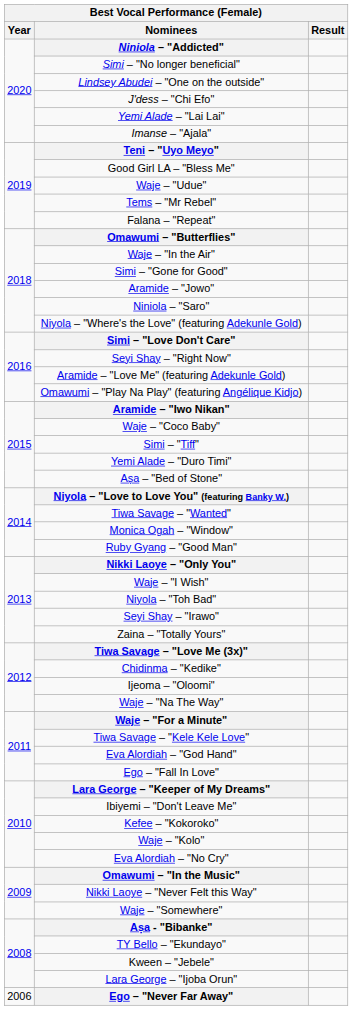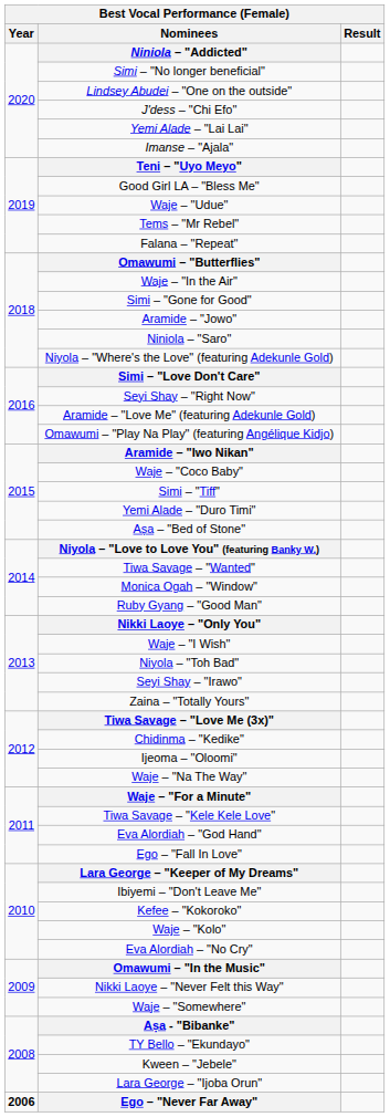 <table class="wikitable"  style="text-align:center; width:40%;">
 <tr>
 <th colspan="4">Best Vocal Performance (Female)</th>
 </tr>
 <tr>
 <th>Year</th>
 <th>Nominees</th>
 <th>Result</th>
 </tr>
 <tr>
 <td rowspan="6"><a href='#'>2020</a></td>
 <th><strong><em><a href='#'>Niniola</a></em></strong> <strong>– "Addicted"</strong></th>
 <td></td>
 </tr>
 <tr>
 <td><em><a href='#'>Simi</a></em> – "No longer beneficial"</td>
 <td></td>
 </tr>
 <tr>
 <td><em><a href='#'>Lindsey Abudei</a></em> – "One on the outside"</td>
 <td></td>
 </tr>
 <tr>
 <td><em>J'dess</em> – "Chi Efo"</td>
 <td></td>
 </tr>
 <tr>
 <td><em><a href='#'>Yemi Alade</a></em> – "Lai Lai"</td>
 <td></td>
 </tr>
 <tr>
 <td><em>Imanse</em> – "Ajala"</td>
 <td></td>
 </tr>
 <tr>
 <td rowspan="5"><a href='#'>2019</a></td>
 <th><a href='#'>Teni</a> – "<a href='#'>Uyo Meyo</a>"</th>
 <td></td>
 </tr>
 <tr>
 <td>Good Girl LA  – "Bless Me"</td>
 <td></td>
 </tr>
 <tr>
 <td><a href='#'>Waje</a> – "Udue"</td>
 <td></td>
 </tr>
 <tr>
 <td><a href='#'>Tems</a> – "Mr Rebel"</td>
 <td></td>
 </tr>
 <tr>
 <td>Falana – "Repeat"</td>
 <td></td>
 </tr>
 <tr>
 <td rowspan="6"><a href='#'>2018</a></td>
 <th><a href='#'>Omawumi</a> – "Butterflies"</th>
 <td></td>
 </tr>
 <tr>
 <td><a href='#'>Waje</a> – "In the Air"</td>
 <td></td>
 </tr>
 <tr>
 <td><a href='#'>Simi</a> – "Gone for Good"</td>
 <td></td>
 </tr>
 <tr>
 <td><a href='#'>Aramide</a> – "Jowo"</td>
 <td></td>
 </tr>
 <tr>
 <td><a href='#'>Niniola</a> – "Saro"</td>
 <td></td>
 </tr>
 <tr>
 <td><a href='#'>Niyola</a> – "Where's the Love" <span>(featuring <a href='#'>Adekunle Gold</a>)</span></td>
 <td></td>
 </tr>
 <tr>
 <td rowspan="4"><a href='#'>2016</a></td>
 <th><a href='#'>Simi</a> – "Love Don't Care"</th>
 <td></td>
 </tr>
 <tr>
 <td><a href='#'>Seyi Shay</a> – "Right Now"</td>
 <td></td>
 </tr>
 <tr>
 <td><a href='#'>Aramide</a> – "Love Me" <span>(featuring <a href='#'>Adekunle Gold</a>)</span></td>
 <td></td>
 </tr>
 <tr>
 <td><a href='#'>Omawumi</a> – "Play Na Play" <span>(featuring <a href='#'>Angélique Kidjo</a>)</span></td>
 <td></td>
 </tr>
 <tr>
 <td rowspan="5"><a href='#'>2015</a></td>
 <th><a href='#'>Aramide</a> – "Iwo Nikan"</th>
 <td></td>
 </tr>
 <tr>
 <td><a href='#'>Waje</a> – "Coco Baby"</td>
 <td></td>
 </tr>
 <tr>
 <td><a href='#'>Simi</a> – "<a href='#'>Tiff</a>"</td>
 <td></td>
 </tr>
 <tr>
 <td><a href='#'>Yemi Alade</a> – "Duro Timi"</td>
 <td></td>
 </tr>
 <tr>
 <td><a href='#'>Aṣa</a> – "Bed of Stone"</td>
 <td></td>
 </tr>
 <tr>
 <td rowspan="4"><a href='#'>2014</a></td>
 <th><a href='#'>Niyola</a> – "Love to Love You" <small>(featuring <a href='#'>Banky W.</a>)</small></th>
 <td></td>
 </tr>
 <tr>
 <td><a href='#'>Tiwa Savage</a> – "<a href='#'>Wanted</a>"</td>
 <td></td>
 </tr>
 <tr>
 <td><a href='#'>Monica Ogah</a> – "Window"</td>
 <td></td>
 </tr>
 <tr>
 <td><a href='#'>Ruby Gyang</a> – "Good Man"</td>
 <td></td>
 </tr>
 <tr>
 <td rowspan="5"><a href='#'>2013</a></td>
 <th><a href='#'>Nikki Laoye</a> – "Only You"</th>
 <td></td>
 </tr>
 <tr>
 <td><a href='#'>Waje</a> – "I Wish"</td>
 <td></td>
 </tr>
 <tr>
 <td><a href='#'>Niyola</a> – "Toh Bad"</td>
 <td></td>
 </tr>
 <tr>
 <td><a href='#'>Seyi Shay</a> – "Irawo"</td>
 <td></td>
 </tr>
 <tr>
 <td>Zaina – "Totally Yours"</td>
 <td></td>
 </tr>
 <tr>
 <td rowspan="4"><a href='#'>2012</a></td>
 <th><a href='#'>Tiwa Savage</a> – "Love Me (3x)"</th>
 <td></td>
 </tr>
 <tr>
 <td><a href='#'>Chidinma</a> – "Kedike"</td>
 <td></td>
 </tr>
 <tr>
 <td>Ijeoma – "Oloomi"</td>
 <td></td>
 </tr>
 <tr>
 <td><a href='#'>Waje</a> – "Na The Way"</td>
 <td></td>
 </tr>
 <tr>
 <td rowspan="4"><a href='#'>2011</a></td>
 <th><a href='#'>Waje</a> – "For a Minute"</th>
 <td></td>
 </tr>
 <tr>
 <td><a href='#'>Tiwa Savage</a> – "<a href='#'>Kele Kele Love</a>"</td>
 <td></td>
 </tr>
 <tr>
 <td><a href='#'>Eva Alordiah</a> – "God Hand"</td>
 <td></td>
 </tr>
 <tr>
 <td><a href='#'>Ego</a> – "Fall In Love"</td>
 <td></td>
 </tr>
 <tr>
 <td rowspan="5"><a href='#'>2010</a></td>
 <th><a href='#'>Lara George</a> – "Keeper of My Dreams"</th>
 <td></td>
 </tr>
 <tr>
 <td>Ibiyemi – "Don't Leave Me"</td>
 <td></td>
 </tr>
 <tr>
 <td><a href='#'>Kefee</a> – "Kokoroko"</td>
 <td></td>
 </tr>
 <tr>
 <td><a href='#'>Waje</a> – "Kolo"</td>
 <td></td>
 </tr>
 <tr>
 <td><a href='#'>Eva Alordiah</a> – "No Cry"</td>
 <td></td>
 </tr>
 <tr>
 <td rowspan="3"><a href='#'>2009</a></td>
 <th><a href='#'>Omawumi</a> – "In the Music"</th>
 <td></td>
 </tr>
 <tr>
 <td><a href='#'>Nikki Laoye</a> – "Never Felt this Way"</td>
 <td></td>
 </tr>
 <tr>
 <td><a href='#'>Waje</a> – "Somewhere"</td>
 <td></td>
 </tr>
 <tr>
 <td rowspan="4"><a href='#'>2008</a></td>
 <th><a href='#'>Aṣa</a> - "Bibanke"</th>
 <td></td>
 </tr>
 <tr>
 <td><a href='#'>TY Bello</a> – "Ekundayo"</td>
 <td></td>
 </tr>
 <tr>
 <td>Kween – "Jebele"</td>
 <td></td>
 </tr>
 <tr>
 <td><a href='#'>Lara George</a> – "Ijoba Orun"</td>
 <td></td>
 </tr>
 <tr>
-<td>2006</td>
+<td><strong>2006</strong></td>
 <th><a href='#'>Ego</a> – "Never Far Away"</th>
 <td></td>
 </tr>
 </table>
